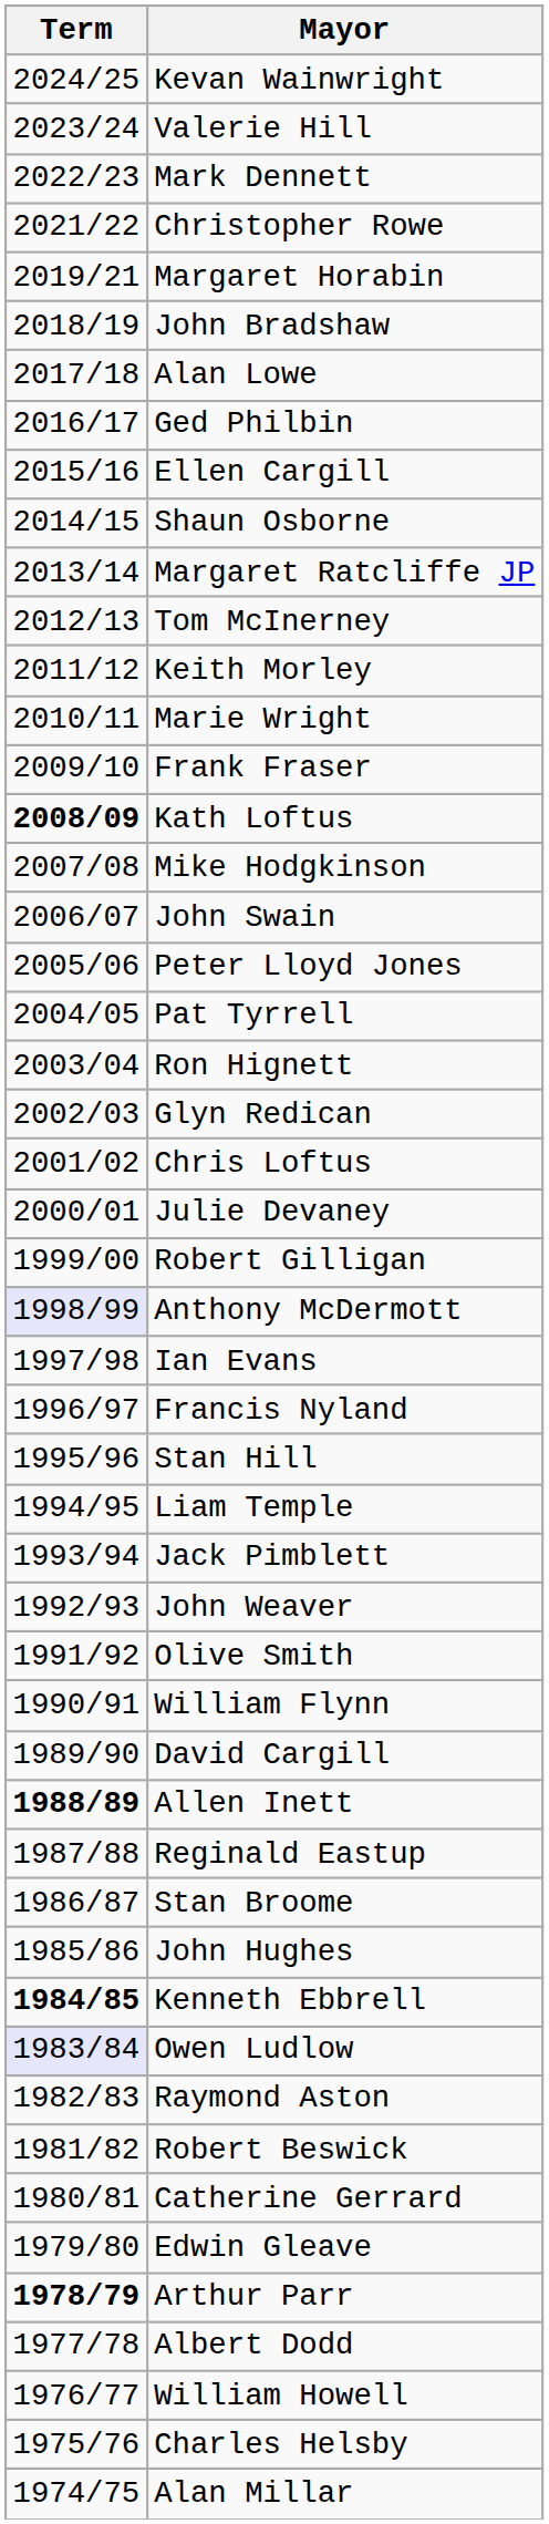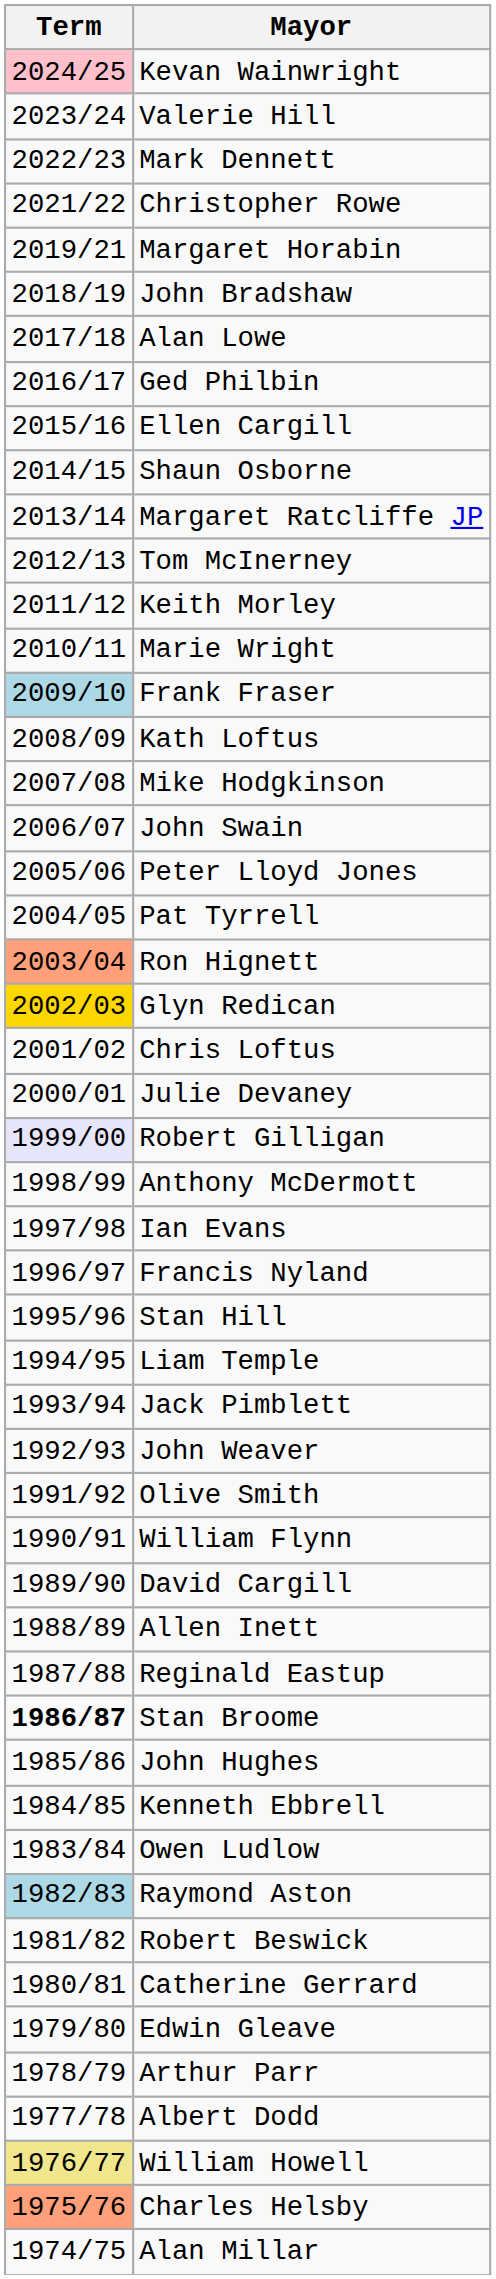 <table class="wikitable sortable" style="text-align:left;">
 <tr>
 <th>Term</th>
 <th>Mayor</th>
 </tr>
 <tr>
-<td>2024/25</td>
+<td style="background: pink;">2024/25</td>
 <td>Kevan Wainwright</td>
 </tr>
 <tr>
 <td>2023/24</td>
 <td>Valerie Hill</td>
 </tr>
 <tr>
 <td>2022/23</td>
 <td>Mark Dennett</td>
 </tr>
 <tr>
 <td>2021/22</td>
 <td>Christopher Rowe</td>
 </tr>
 <tr>
 <td>2019/21</td>
 <td>Margaret Horabin</td>
 </tr>
 <tr>
 <td>2018/19</td>
 <td>John Bradshaw</td>
 </tr>
 <tr>
 <td>2017/18</td>
 <td>Alan Lowe</td>
 </tr>
 <tr>
 <td>2016/17</td>
 <td>Ged Philbin</td>
 </tr>
 <tr>
 <td>2015/16</td>
 <td>Ellen Cargill</td>
 </tr>
 <tr>
 <td>2014/15</td>
 <td>Shaun Osborne</td>
 </tr>
 <tr>
 <td>2013/14</td>
 <td>Margaret Ratcliffe <a href='#'>JP</a></td>
 </tr>
 <tr>
 <td>2012/13</td>
 <td>Tom McInerney</td>
 </tr>
 <tr>
 <td>2011/12</td>
 <td>Keith Morley</td>
 </tr>
 <tr>
 <td>2010/11</td>
 <td>Marie Wright</td>
 </tr>
 <tr>
-<td>2009/10</td>
+<td style="background: lightblue;">2009/10</td>
 <td>Frank Fraser</td>
 </tr>
 <tr>
-<td><strong>2008/09</strong></td>
+<td>2008/09</td>
 <td>Kath Loftus</td>
 </tr>
 <tr>
 <td>2007/08</td>
 <td>Mike Hodgkinson</td>
 </tr>
 <tr>
 <td>2006/07</td>
 <td>John Swain</td>
 </tr>
 <tr>
 <td>2005/06</td>
 <td>Peter Lloyd Jones</td>
 </tr>
 <tr>
 <td>2004/05</td>
 <td>Pat Tyrrell</td>
 </tr>
 <tr>
-<td>2003/04</td>
+<td style="background: lightsalmon;">2003/04</td>
 <td>Ron Hignett</td>
 </tr>
 <tr>
-<td>2002/03</td>
+<td style="background: gold;">2002/03</td>
 <td>Glyn Redican</td>
 </tr>
 <tr>
 <td>2001/02</td>
 <td>Chris Loftus</td>
 </tr>
 <tr>
 <td>2000/01</td>
 <td>Julie Devaney</td>
 </tr>
 <tr>
-<td>1999/00</td>
+<td style="background: lavender;">1999/00</td>
 <td>Robert Gilligan</td>
 </tr>
 <tr>
-<td style="background: lavender;">1998/99</td>
+<td>1998/99</td>
 <td>Anthony McDermott</td>
 </tr>
 <tr>
 <td>1997/98</td>
 <td>Ian Evans</td>
 </tr>
 <tr>
 <td>1996/97</td>
 <td>Francis Nyland</td>
 </tr>
 <tr>
 <td>1995/96</td>
 <td>Stan Hill</td>
 </tr>
 <tr>
 <td>1994/95</td>
 <td>Liam Temple</td>
 </tr>
 <tr>
 <td>1993/94</td>
 <td>Jack Pimblett</td>
 </tr>
 <tr>
 <td>1992/93</td>
 <td>John Weaver</td>
 </tr>
 <tr>
 <td>1991/92</td>
 <td>Olive Smith</td>
 </tr>
 <tr>
 <td>1990/91</td>
 <td>William Flynn</td>
 </tr>
 <tr>
 <td>1989/90</td>
 <td>David Cargill</td>
 </tr>
 <tr>
-<td><strong>1988/89</strong></td>
+<td>1988/89</td>
 <td>Allen Inett</td>
 </tr>
 <tr>
 <td>1987/88</td>
 <td>Reginald Eastup</td>
 </tr>
 <tr>
-<td>1986/87</td>
+<td><strong>1986/87</strong></td>
 <td>Stan Broome</td>
 </tr>
 <tr>
 <td>1985/86</td>
 <td>John Hughes</td>
 </tr>
 <tr>
-<td><strong>1984/85</strong></td>
+<td>1984/85</td>
 <td>Kenneth Ebbrell</td>
 </tr>
 <tr>
-<td style="background: lavender;">1983/84</td>
+<td>1983/84</td>
 <td>Owen Ludlow</td>
 </tr>
 <tr>
-<td>1982/83</td>
+<td style="background: lightblue;">1982/83</td>
 <td>Raymond Aston</td>
 </tr>
 <tr>
 <td>1981/82</td>
 <td>Robert Beswick</td>
 </tr>
 <tr>
 <td>1980/81</td>
 <td>Catherine Gerrard</td>
 </tr>
 <tr>
 <td>1979/80</td>
 <td>Edwin Gleave</td>
 </tr>
 <tr>
-<td><strong>1978/79</strong></td>
+<td>1978/79</td>
 <td>Arthur Parr</td>
 </tr>
 <tr>
 <td>1977/78</td>
 <td>Albert Dodd</td>
 </tr>
 <tr>
-<td>1976/77</td>
+<td style="background: khaki;">1976/77</td>
 <td>William Howell</td>
 </tr>
 <tr>
-<td>1975/76</td>
+<td style="background: lightsalmon;">1975/76</td>
 <td>Charles Helsby</td>
 </tr>
 <tr>
 <td>1974/75</td>
 <td>Alan Millar</td>
 </tr>
 </table>
